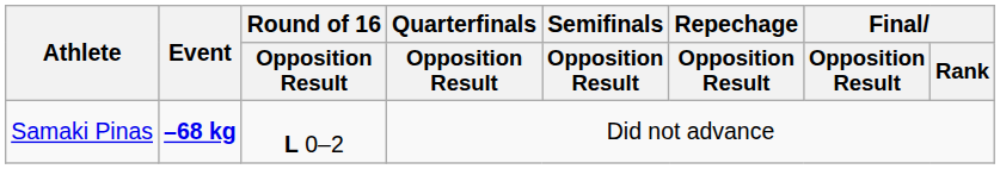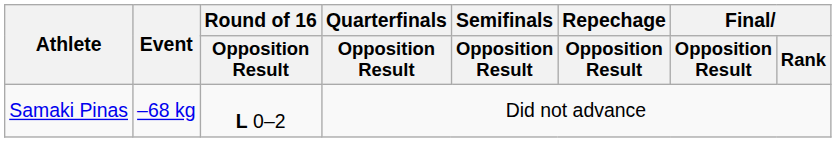 <table class=wikitable style=font-size:90%;text-align:center>
 <tr>
 <th rowspan=2>Athlete</th>
 <th rowspan=2>Event</th>
 <th>Round of 16</th>
 <th>Quarterfinals</th>
 <th>Semifinals</th>
 <th>Repechage</th>
 <th colspan=2>Final/ </th>
 </tr>
 <tr style=font-size:95%>
 <th>Opposition<br>Result</th>
 <th>Opposition<br>Result</th>
 <th>Opposition<br>Result</th>
 <th>Opposition<br>Result</th>
 <th>Opposition<br>Result</th>
 <th>Rank</th>
 </tr>
 <tr align=center>
 <td align=left><a href='#'>Samaki Pinas</a></td>
-<td align=left><strong><a href='#'>–68 kg</a></strong></td>
+<td align=left><a href='#'>–68 kg</a></td>
 <td><br><strong>L</strong> 0–2</td>
 <td colspan=5>Did not advance</td>
 </tr>
 </table>
